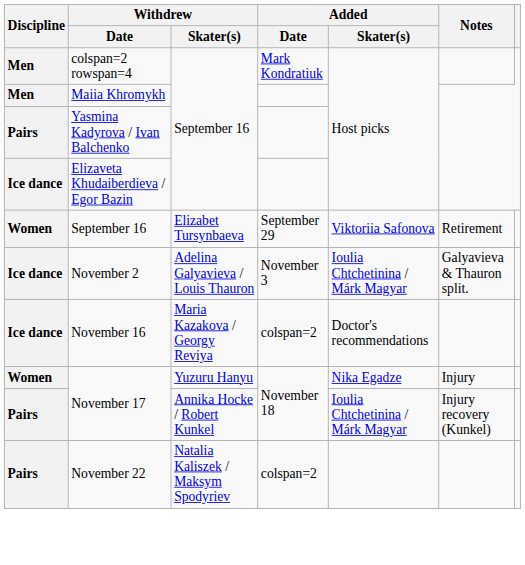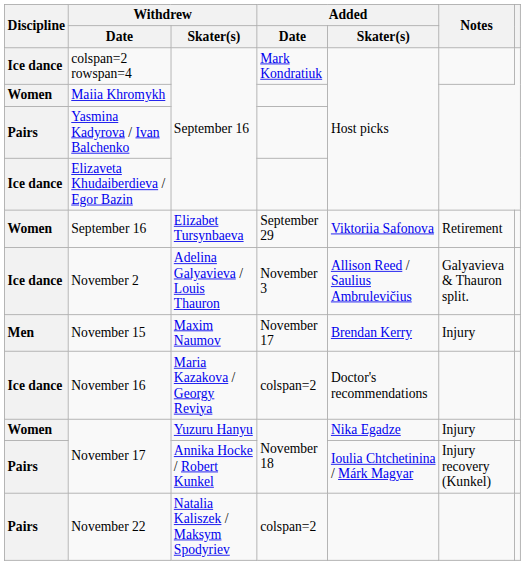 <table class="wikitable unsortable">
 <tr>
 <th scope="col" rowspan=2>Discipline</th>
 <th scope="col" colspan=2>Withdrew</th>
 <th scope="col" colspan=2>Added</th>
 <th scope="col" rowspan=2>Notes</th>
 <th scope="col" rowspan=2></th>
 </tr>
 <tr>
 <th>Date</th>
 <th>Skater(s)</th>
 <th>Date</th>
 <th>Skater(s)</th>
 </tr>
 <tr>
-<th scope="row" style="text-align:left">Men</th>
+<th scope="row" style="text-align:left">Ice dance</th>
 <td>colspan=2 rowspan=4 </td>
 <td rowspan=4>September 16</td>
 <td> <a href='#'>Mark Kondratiuk</a></td>
 <td rowspan=4>Host picks</td>
 <td></td>
 </tr>
 <tr>
-<th scope="row" style="text-align:left">Men</th>
+<th scope="row" style="text-align:left">Women</th>
 <td> <a href='#'>Maiia Khromykh</a></td>
 <td></td>
 </tr>
 <tr>
 <th scope="row" style="text-align:left">Pairs</th>
 <td> <a href='#'>Yasmina Kadyrova</a> / <a href='#'>Ivan Balchenko</a></td>
 <td></td>
 </tr>
 <tr>
 <th scope="row" style="text-align:left">Ice dance</th>
 <td> <a href='#'>Elizaveta Khudaiberdieva</a> / <a href='#'>Egor Bazin</a></td>
 <td></td>
 </tr>
 <tr>
 <th scope="row" style="text-align:left">Women</th>
 <td>September 16</td>
 <td> <a href='#'>Elizabet Tursynbaeva</a></td>
 <td>September 29</td>
 <td> <a href='#'>Viktoriia Safonova</a></td>
 <td>Retirement</td>
 <td></td>
 </tr>
 <tr>
 <th scope="row" style="text-align:left">Ice dance</th>
 <td>November 2</td>
 <td> <a href='#'>Adelina Galyavieva</a> / <a href='#'>Louis Thauron</a></td>
 <td>November 3</td>
-<td> <a href='#'>Ioulia Chtchetinina</a> / <a href='#'>Márk Magyar</a></td>
+<td> <a href='#'>Allison Reed</a> / <a href='#'>Saulius Ambrulevičius</a></td>
 <td>Galyavieva & Thauron split.</td>
+<td></td>
+</tr>
+<tr>
+<th scope="row" style="text-align:left">Men</th>
+<td>November 15</td>
+<td> <a href='#'>Maxim Naumov</a></td>
+<td>November 17</td>
+<td> <a href='#'>Brendan Kerry</a></td>
+<td>Injury</td>
 <td></td>
 </tr>
 <tr>
 <th scope="row" style="text-align:left">Ice dance</th>
 <td>November 16</td>
 <td> <a href='#'>Maria Kazakova</a> / <a href='#'>Georgy Reviya</a></td>
 <td>colspan=2 </td>
 <td>Doctor's recommendations</td>
 <td></td>
 </tr>
 <tr>
 <th scope="row" style="text-align:left">Women</th>
 <td rowspan=2>November 17</td>
 <td> <a href='#'>Yuzuru Hanyu</a></td>
 <td rowspan=2>November 18</td>
 <td> <a href='#'>Nika Egadze</a></td>
 <td>Injury</td>
 <td></td>
 </tr>
 <tr>
 <th scope="row" style="text-align:left">Pairs</th>
 <td> <a href='#'>Annika Hocke</a> / <a href='#'>Robert Kunkel</a></td>
 <td> <a href='#'>Ioulia Chtchetinina</a> / <a href='#'>Márk Magyar</a></td>
 <td>Injury recovery (Kunkel)</td>
 <td></td>
 </tr>
 <tr>
 <th scope="row" style="text-align:left">Pairs</th>
 <td>November 22</td>
 <td> <a href='#'>Natalia Kaliszek</a> / <a href='#'>Maksym Spodyriev</a></td>
 <td>colspan=2 </td>
 <td></td>
 <td></td>
 </tr>
 </table>
